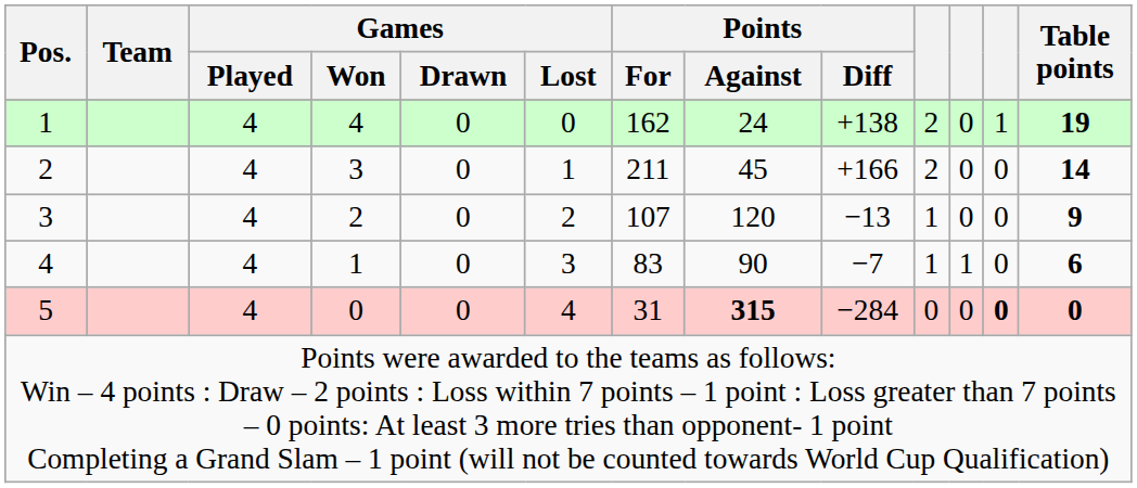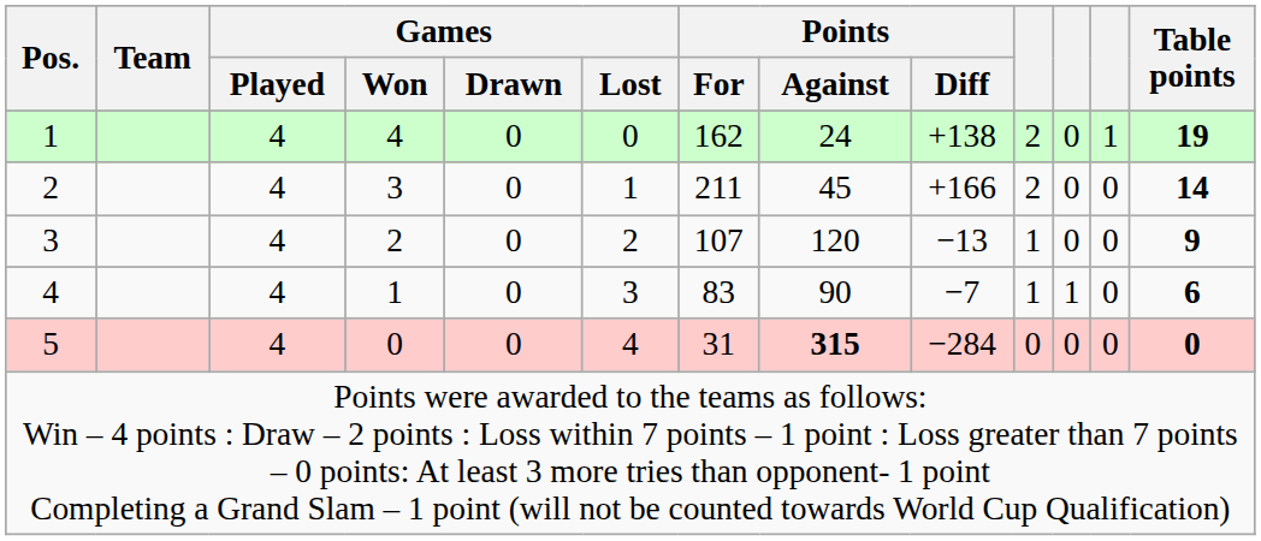 <table class="wikitable" style="text-align:center">
 <tr>
 <th rowspan="2">Pos.</th>
 <th rowspan="2">Team</th>
 <th colspan="4">Games</th>
 <th colspan="3">Points</th>
 <th rowspan="2"></th>
 <th rowspan="2"></th>
 <th rowspan="2"></th>
 <th rowspan="2">Table<br>points</th>
 </tr>
 <tr>
 <th>Played</th>
 <th>Won</th>
 <th>Drawn</th>
 <th>Lost</th>
 <th>For</th>
 <th>Against</th>
 <th>Diff</th>
 </tr>
 <tr style="text-align:center; background:#cfc;">
 <td>1</td>
 <td align=left></td>
 <td>4</td>
 <td>4</td>
 <td>0</td>
 <td>0</td>
 <td>162</td>
 <td>24</td>
 <td>+138</td>
 <td>2</td>
 <td>0</td>
 <td>1</td>
 <td><strong>19</strong></td>
 </tr>
 <tr align=center>
 <td>2</td>
 <td align=left></td>
 <td>4</td>
 <td>3</td>
 <td>0</td>
 <td>1</td>
 <td>211</td>
 <td>45</td>
 <td>+166</td>
 <td>2</td>
 <td>0</td>
 <td>0</td>
 <td><strong>14</strong></td>
 </tr>
 <tr align=center>
 <td>3</td>
 <td align=left></td>
 <td>4</td>
 <td>2</td>
 <td>0</td>
 <td>2</td>
 <td>107</td>
 <td>120</td>
 <td>−13</td>
 <td>1</td>
 <td>0</td>
 <td>0</td>
 <td><strong>9</strong></td>
 </tr>
 <tr align=center>
 <td>4</td>
 <td align=left></td>
 <td>4</td>
 <td>1</td>
 <td>0</td>
 <td>3</td>
 <td>83</td>
 <td>90</td>
 <td>−7</td>
 <td>1</td>
 <td>1</td>
 <td>0</td>
 <td><strong>6</strong></td>
 </tr>
 <tr style="text-align:center; background:#fcc;">
 <td>5</td>
 <td align=left></td>
 <td>4</td>
 <td>0</td>
 <td>0</td>
 <td>4</td>
 <td>31</td>
 <td><strong>315</strong></td>
 <td>−284</td>
 <td>0</td>
 <td>0</td>
-<td><strong>0</strong></td>
+<td>0</td>
 <td><strong>0</strong></td>
 </tr>
 <tr>
 <td style="text-align:center;" colspan="100">Points were awarded to the teams as follows:<br>Win – 4 points : Draw – 2 points  : Loss within 7 points – 1 point : Loss greater than 7 points – 0 points: At least 3 more tries than opponent- 1 point<br>Completing a Grand Slam – 1 point (will not be counted towards World Cup Qualification)</td>
 </tr>
 </table>
